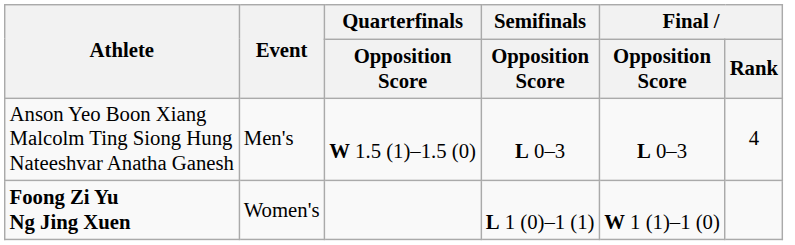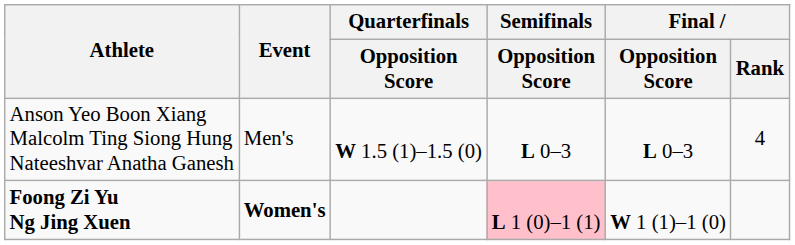 <table class="wikitable" style="font-size: 90%">
 <tr>
 <th rowspan="2">Athlete</th>
 <th rowspan="2">Event</th>
 <th>Quarterfinals</th>
 <th>Semifinals</th>
 <th colspan="2">Final / </th>
 </tr>
 <tr>
 <th>Opposition<br>Score</th>
 <th>Opposition<br>Score</th>
 <th>Opposition<br>Score</th>
 <th>Rank</th>
 </tr>
 <tr align="center">
 <td align="left">Anson Yeo Boon Xiang<br>Malcolm Ting Siong Hung<br>Nateeshvar Anatha Ganesh</td>
 <td align="left">Men's</td>
 <td><br><strong>W</strong> 1.5 (1)–1.5 (0)</td>
 <td><br><strong>L</strong> 0–3</td>
 <td><br><strong>L</strong> 0–3</td>
 <td>4</td>
 </tr>
 <tr align="center">
 <td align="left"><strong>Foong Zi Yu<br>Ng Jing Xuen</strong></td>
-<td align="left">Women's</td>
+<td align="left"><strong>Women's</strong></td>
 <td></td>
-<td><br><strong>L</strong> 1 (0)–1 (1)</td>
+<td style="background: pink;"><br><strong>L</strong> 1 (0)–1 (1)</td>
 <td><br><strong>W</strong> 1 (1)–1 (0)</td>
 <td></td>
 </tr>
 </table>
